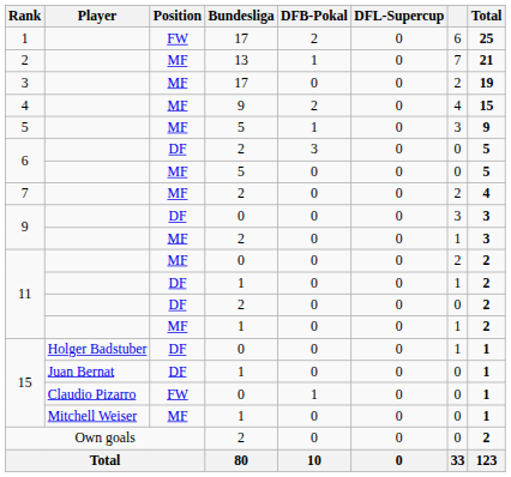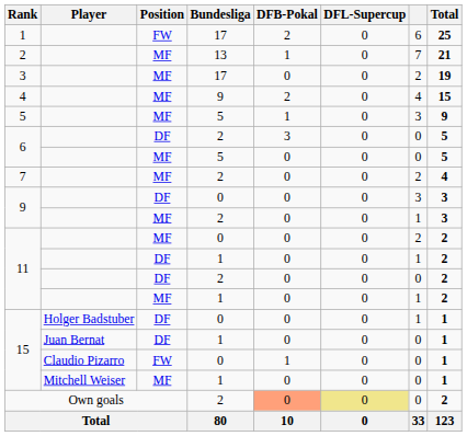 <table class="wikitable sortable">
 <tr>
 <th>Rank</th>
 <th>Player</th>
 <th>Position</th>
 <th>Bundesliga</th>
 <th>DFB-Pokal</th>
 <th>DFL-Supercup</th>
 <th></th>
 <th>Total</th>
 </tr>
 <tr>
 <td align="center">1</td>
 <td> </td>
 <td align="center"><a href='#'>FW</a></td>
 <td align="center">17</td>
 <td align="center">2</td>
 <td align="center">0</td>
 <td align="center">6</td>
 <td align="center"><strong>25</strong></td>
 </tr>
 <tr>
 <td align="center">2</td>
 <td> </td>
 <td align="center"><a href='#'>MF</a></td>
 <td align="center">13</td>
 <td align="center">1</td>
 <td align="center">0</td>
 <td align="center">7</td>
 <td align="center"><strong>21</strong></td>
 </tr>
 <tr>
 <td align="center">3</td>
 <td> </td>
 <td align="center"><a href='#'>MF</a></td>
 <td align="center">17</td>
 <td align="center">0</td>
 <td align="center">0</td>
 <td align="center">2</td>
 <td align="center"><strong>19</strong></td>
 </tr>
 <tr>
 <td align="center">4</td>
 <td> </td>
 <td align="center"><a href='#'>MF</a></td>
 <td align="center">9</td>
 <td align="center">2</td>
 <td align="center">0</td>
 <td align="center">4</td>
 <td align="center"><strong>15</strong></td>
 </tr>
 <tr>
 <td align="center">5</td>
 <td> </td>
 <td align="center"><a href='#'>MF</a></td>
 <td align="center">5</td>
 <td align="center">1</td>
 <td align="center">0</td>
 <td align="center">3</td>
 <td align="center"><strong>9</strong></td>
 </tr>
 <tr>
 <td align="center" rowspan="2">6</td>
 <td> </td>
 <td align="center"><a href='#'>DF</a></td>
 <td align="center">2</td>
 <td align="center">3</td>
 <td align="center">0</td>
 <td align="center">0</td>
 <td align="center"><strong>5</strong></td>
 </tr>
 <tr>
 <td> </td>
 <td align="center"><a href='#'>MF</a></td>
 <td align="center">5</td>
 <td align="center">0</td>
 <td align="center">0</td>
 <td align="center">0</td>
 <td align="center"><strong>5</strong></td>
 </tr>
 <tr>
 <td align="center">7</td>
 <td> </td>
 <td align="center"><a href='#'>MF</a></td>
 <td align="center">2</td>
 <td align="center">0</td>
 <td align="center">0</td>
 <td align="center">2</td>
 <td align="center"><strong>4</strong></td>
 </tr>
 <tr>
 <td align="center" rowspan="2">9</td>
 <td> </td>
 <td align="center"><a href='#'>DF</a></td>
 <td align="center">0</td>
 <td align="center">0</td>
 <td align="center">0</td>
 <td align="center">3</td>
 <td align="center"><strong>3</strong></td>
 </tr>
 <tr>
 <td> </td>
 <td align="center"><a href='#'>MF</a></td>
 <td align="center">2</td>
 <td align="center">0</td>
 <td align="center">0</td>
 <td align="center">1</td>
 <td align="center"><strong>3</strong></td>
 </tr>
 <tr>
 <td align="center" rowspan="4">11</td>
 <td> </td>
 <td align="center"><a href='#'>MF</a></td>
 <td align="center">0</td>
 <td align="center">0</td>
 <td align="center">0</td>
 <td align="center">2</td>
 <td align="center"><strong>2</strong></td>
 </tr>
 <tr>
 <td> </td>
 <td align="center"><a href='#'>DF</a></td>
 <td align="center">1</td>
 <td align="center">0</td>
 <td align="center">0</td>
 <td align="center">1</td>
 <td align="center"><strong>2</strong></td>
 </tr>
 <tr>
 <td> </td>
 <td align="center"><a href='#'>DF</a></td>
 <td align="center">2</td>
 <td align="center">0</td>
 <td align="center">0</td>
 <td align="center">0</td>
 <td align="center"><strong>2</strong></td>
 </tr>
 <tr>
 <td> </td>
 <td align="center"><a href='#'>MF</a></td>
 <td align="center">1</td>
 <td align="center">0</td>
 <td align="center">0</td>
 <td align="center">1</td>
 <td align="center"><strong>2</strong></td>
 </tr>
 <tr>
 <td align="center" rowspan="4">15</td>
 <td> <a href='#'>Holger Badstuber</a></td>
 <td align="center"><a href='#'>DF</a></td>
 <td align="center">0</td>
 <td align="center">0</td>
 <td align="center">0</td>
 <td align="center">1</td>
 <td align="center"><strong>1</strong></td>
 </tr>
 <tr>
 <td> <a href='#'>Juan Bernat</a></td>
 <td align="center"><a href='#'>DF</a></td>
 <td align="center">1</td>
 <td align="center">0</td>
 <td align="center">0</td>
 <td align="center">0</td>
 <td align="center"><strong>1</strong></td>
 </tr>
 <tr>
 <td> <a href='#'>Claudio Pizarro</a></td>
 <td align="center"><a href='#'>FW</a></td>
 <td align="center">0</td>
 <td align="center">1</td>
 <td align="center">0</td>
 <td align="center">0</td>
 <td align="center"><strong>1</strong></td>
 </tr>
 <tr>
 <td> <a href='#'>Mitchell Weiser</a></td>
 <td align="center"><a href='#'>MF</a></td>
 <td align="center">1</td>
 <td align="center">0</td>
 <td align="center">0</td>
 <td align="center">0</td>
 <td align="center"><strong>1</strong></td>
 </tr>
 <tr>
 <td align="center" colspan="3">Own goals</td>
 <td align="center">2</td>
-<td align="center">0</td>
-<td align="center">0</td>
+<td align="center" style="background: lightsalmon;">0</td>
+<td align="center" style="background: khaki;">0</td>
 <td align="center">0</td>
 <td align="center"><strong>2</strong></td>
 </tr>
 <tr>
 <th colspan="3">Total</th>
 <th>80</th>
 <th>10</th>
 <th>0</th>
 <th>33</th>
 <th>123</th>
 </tr>
 </table>
